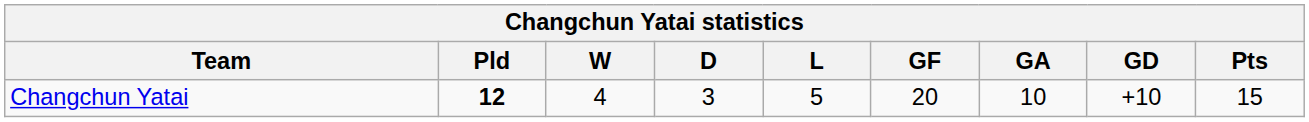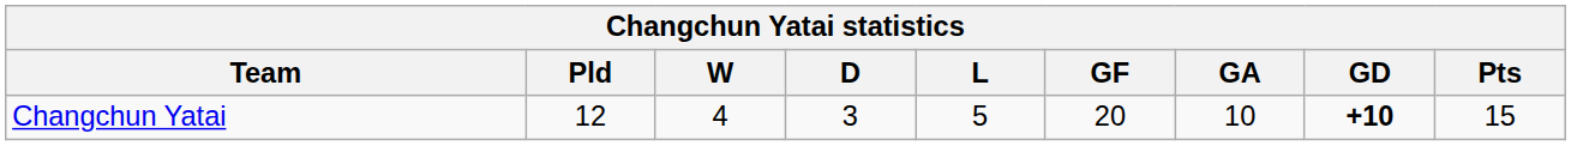 <table width=70% class="wikitable" style="text-align:">
 <tr>
 <th colspan=9>Changchun Yatai statistics</th>
 </tr>
 <tr>
 <th width=20%>Team</th>
 <th width=5%>Pld</th>
 <th width=5%>W</th>
 <th width=5%>D</th>
 <th width=5%>L</th>
 <th width=5%>GF</th>
 <th width=5%>GA</th>
 <th width=5%>GD</th>
 <th width=5%>Pts</th>
 </tr>
 <tr align=center>
 <td align=left> <a href='#'>Changchun Yatai</a></td>
-<td><strong>12</strong></td>
+<td>12</td>
 <td>4</td>
 <td>3</td>
 <td>5</td>
 <td>20</td>
 <td>10</td>
-<td>+10</td>
+<td><strong>+10</strong></td>
 <td>15</td>
 </tr>
 </table>
